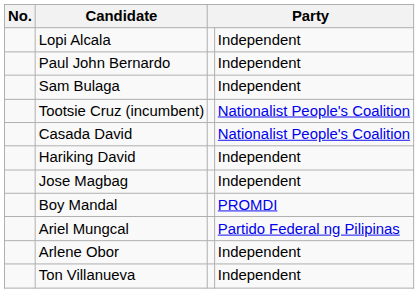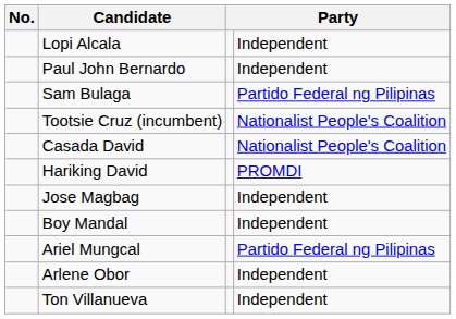 <table class="wikitable sortable" style="text-align:left;">
 <tr>
 <th>No.</th>
 <th>Candidate</th>
 <th colspan="2">Party</th>
 </tr>
 <tr>
 <td></td>
 <td>Lopi Alcala</td>
 <td></td>
 <td>Independent</td>
 </tr>
 <tr>
 <td></td>
 <td>Paul John Bernardo</td>
 <td></td>
 <td>Independent</td>
 </tr>
 <tr>
 <td></td>
 <td>Sam Bulaga</td>
 <td></td>
-<td>Independent</td>
+<td><a href='#'>Partido Federal ng Pilipinas</a></td>
 </tr>
 <tr>
 <td></td>
 <td>Tootsie Cruz (incumbent)</td>
 <td></td>
 <td><a href='#'>Nationalist People's Coalition</a></td>
 </tr>
 <tr>
 <td></td>
 <td>Casada David</td>
 <td></td>
 <td><a href='#'>Nationalist People's Coalition</a></td>
 </tr>
 <tr>
 <td></td>
 <td>Hariking David</td>
 <td></td>
-<td>Independent</td>
+<td><a href='#'>PROMDI</a></td>
 </tr>
 <tr>
 <td></td>
 <td>Jose Magbag</td>
 <td></td>
 <td>Independent</td>
 </tr>
 <tr>
 <td></td>
 <td>Boy Mandal</td>
 <td></td>
-<td><a href='#'>PROMDI</a></td>
+<td>Independent</td>
 </tr>
 <tr>
 <td></td>
 <td>Ariel Mungcal</td>
 <td></td>
 <td><a href='#'>Partido Federal ng Pilipinas</a></td>
 </tr>
 <tr>
 <td></td>
 <td>Arlene Obor</td>
 <td></td>
 <td>Independent</td>
 </tr>
 <tr>
 <td></td>
 <td>Ton Villanueva</td>
 <td></td>
 <td>Independent</td>
 </tr>
 </table>
